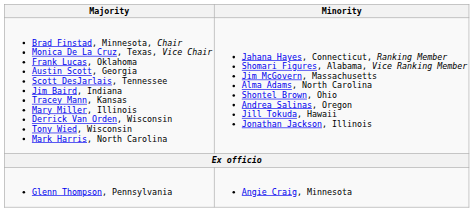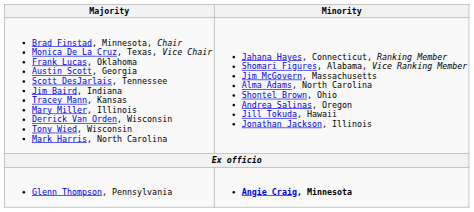 <table class=wikitable>
 <tr>
 <th>Majority</th>
 <th>Minority</th>
 </tr>
 <tr>
 <td><br><ul><li><a href='#'>Brad Finstad</a>, Minnesota, <em>Chair</em></li><li><a href='#'>Monica De La Cruz</a>, Texas, <em>Vice Chair</em></li><li><a href='#'>Frank Lucas</a>, Oklahoma</li><li><a href='#'>Austin Scott</a>, Georgia</li><li><a href='#'>Scott DesJarlais</a>, Tennessee</li><li><a href='#'>Jim Baird</a>, Indiana</li><li><a href='#'>Tracey Mann</a>, Kansas</li><li><a href='#'>Mary Miller</a>, Illinois</li><li><a href='#'>Derrick Van Orden</a>, Wisconsin</li><li><a href='#'>Tony Wied</a>, Wisconsin</li><li><a href='#'>Mark Harris</a>, North Carolina</li></ul></td>
 <td><br><ul><li><a href='#'>Jahana Hayes</a>, Connecticut, <em>Ranking Member</em></li><li><a href='#'>Shomari Figures</a>, Alabama, <em>Vice Ranking Member</em></li><li><a href='#'>Jim McGovern</a>, Massachusetts</li><li><a href='#'>Alma Adams</a>, North Carolina</li><li><a href='#'>Shontel Brown</a>, Ohio</li><li><a href='#'>Andrea Salinas</a>, Oregon</li><li><a href='#'>Jill Tokuda</a>, Hawaii</li><li><a href='#'>Jonathan Jackson</a>, Illinois</li></ul></td>
 </tr>
 <tr>
 <th colspan=2><em>Ex officio</em></th>
 </tr>
 <tr>
 <td><br><ul><li><a href='#'>Glenn Thompson</a>, Pennsylvania</li></ul></td>
-<td><br><ul><li><a href='#'>Angie Craig</a>, Minnesota</li></ul></td>
+<td><strong><br><ul><li><a href='#'>Angie Craig</a>, Minnesota</li></ul></strong></td>
 </tr>
 </table>
